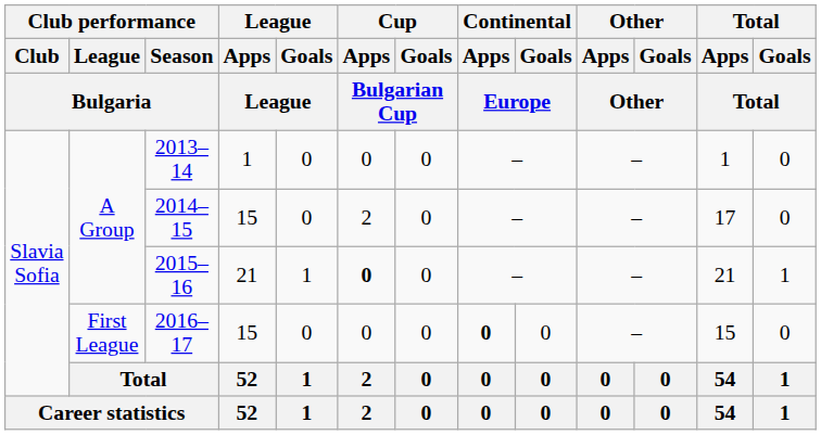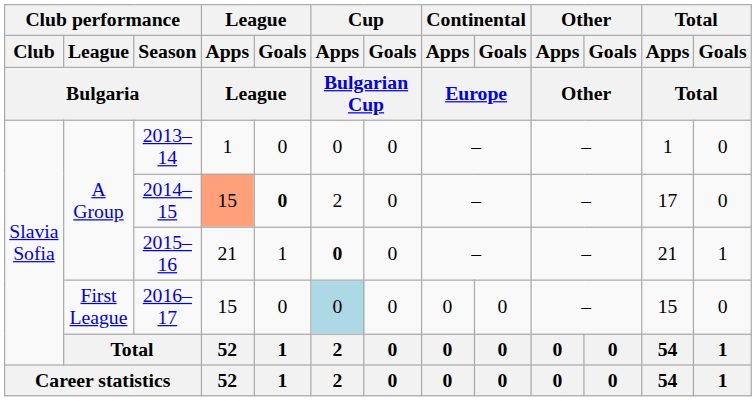 <table class="wikitable" style="text-align: center">
 <tr>
 <th colspan="3">Club performance</th>
 <th colspan="2">League</th>
 <th colspan="2">Cup</th>
 <th colspan="2">Continental</th>
 <th colspan="2">Other</th>
 <th colspan="3">Total</th>
 </tr>
 <tr>
 <th>Club</th>
 <th>League</th>
 <th>Season</th>
 <th>Apps</th>
 <th>Goals</th>
 <th>Apps</th>
 <th>Goals</th>
 <th>Apps</th>
 <th>Goals</th>
 <th>Apps</th>
 <th>Goals</th>
 <th>Apps</th>
 <th>Goals</th>
 </tr>
 <tr>
 <th colspan="3">Bulgaria</th>
 <th colspan="2">League</th>
 <th colspan="2"><a href='#'>Bulgarian Cup</a></th>
 <th colspan="2"><a href='#'>Europe</a></th>
 <th colspan="2">Other</th>
 <th colspan="2">Total</th>
 </tr>
 <tr>
 <td rowspan="5"><a href='#'>Slavia Sofia</a></td>
 <td rowspan="3"><a href='#'>A Group</a></td>
 <td><a href='#'>2013–14</a></td>
 <td>1</td>
 <td>0</td>
 <td>0</td>
 <td>0</td>
 <td colspan="2">–</td>
 <td colspan="2">–</td>
 <td>1</td>
 <td>0</td>
 </tr>
 <tr>
 <td><a href='#'>2014–15</a></td>
-<td>15</td>
-<td>0</td>
+<td style="background: lightsalmon;">15</td>
+<td><strong>0</strong></td>
 <td>2</td>
 <td>0</td>
 <td colspan="2">–</td>
 <td colspan="2">–</td>
 <td>17</td>
 <td>0</td>
 </tr>
 <tr>
 <td><a href='#'>2015–16</a></td>
 <td>21</td>
 <td>1</td>
 <td><strong>0</strong></td>
 <td>0</td>
 <td colspan="2">–</td>
 <td colspan="2">–</td>
 <td>21</td>
 <td>1</td>
 </tr>
 <tr>
 <td rowspan="1"><a href='#'>First League</a></td>
 <td><a href='#'>2016–17</a></td>
 <td>15</td>
 <td>0</td>
+<td style="background: lightblue;">0</td>
 <td>0</td>
 <td>0</td>
-<td><strong>0</strong></td>
 <td>0</td>
 <td colspan="2">–</td>
 <td>15</td>
 <td>0</td>
 </tr>
 <tr>
 <th colspan=2>Total</th>
 <th>52</th>
 <th>1</th>
 <th>2</th>
 <th>0</th>
 <th>0</th>
 <th>0</th>
 <th>0</th>
 <th>0</th>
 <th>54</th>
 <th>1</th>
 </tr>
 <tr>
 <th colspan="3">Career statistics</th>
 <th>52</th>
 <th>1</th>
 <th>2</th>
 <th>0</th>
 <th>0</th>
 <th>0</th>
 <th>0</th>
 <th>0</th>
 <th>54</th>
 <th>1</th>
 </tr>
 </table>
